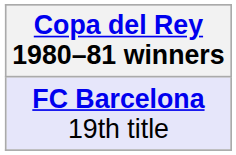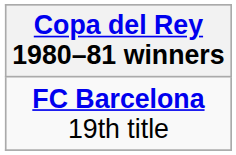 <table class="wikitable" style="text-align: center; margin: 0 auto;">
 <tr>
 <th><a href='#'>Copa del Rey</a><br>1980–81 winners</th>
 </tr>
 <tr>
-<td style="background: lavender;"><strong><a href='#'>FC Barcelona</a></strong><br>19th title</td>
+<td><strong><a href='#'>FC Barcelona</a></strong><br>19th title</td>
 </tr>
 </table>
